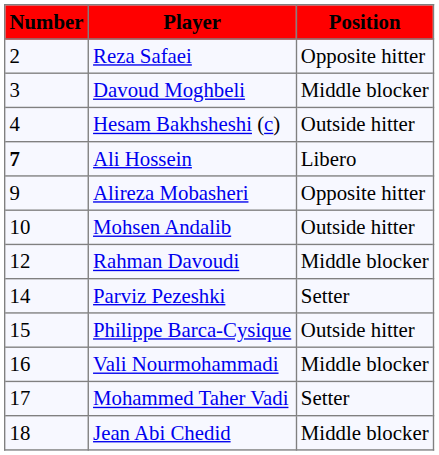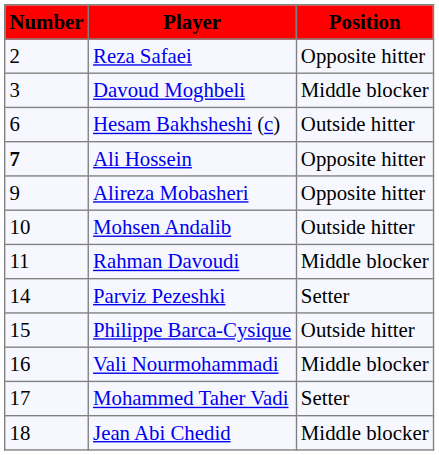 <table bgcolor="#f7f8ff" cellpadding="3" cellspacing="0" border="1" style="font-size: 95%; border: gray solid 1px; border-collapse: collapse;">
 <tr bgcolor="#ff0000">
 <td align=center><strong>Number</strong></td>
 <td align=center><strong>Player</strong></td>
 <td align=center><strong>Position</strong></td>
 </tr>
 <tr align="left">
 <td>2</td>
 <td> <a href='#'>Reza Safaei</a></td>
 <td>Opposite hitter</td>
 </tr>
 <tr align=left>
 <td>3</td>
 <td> <a href='#'>Davoud Moghbeli</a></td>
 <td>Middle blocker</td>
 </tr>
 <tr align="left">
-<td>4</td>
+<td>6</td>
 <td> <a href='#'>Hesam Bakhsheshi</a> (<a href='#'>c</a>)</td>
 <td>Outside hitter</td>
 </tr>
 <tr align="left">
 <td><strong>7</strong></td>
 <td> <a href='#'>Ali Hossein</a></td>
-<td>Libero</td>
+<td>Opposite hitter</td>
 </tr>
 <tr align="left">
 <td>9</td>
 <td> <a href='#'>Alireza Mobasheri</a></td>
 <td>Opposite hitter</td>
 </tr>
 <tr align="left">
 <td>10</td>
 <td> <a href='#'>Mohsen Andalib</a></td>
 <td>Outside hitter</td>
 </tr>
 <tr align="left">
-<td>12</td>
+<td>11</td>
 <td> <a href='#'>Rahman Davoudi</a></td>
 <td>Middle blocker</td>
 </tr>
 <tr align="left">
 <td>14</td>
 <td> <a href='#'>Parviz Pezeshki</a></td>
 <td>Setter</td>
 </tr>
 <tr align="left">
 <td>15</td>
 <td> <a href='#'>Philippe Barca-Cysique</a></td>
 <td>Outside hitter</td>
 </tr>
 <tr align="left">
 <td>16</td>
 <td> <a href='#'>Vali Nourmohammadi</a></td>
 <td>Middle blocker</td>
 </tr>
 <tr align="left">
 <td>17</td>
 <td> <a href='#'>Mohammed Taher Vadi</a></td>
 <td>Setter</td>
 </tr>
 <tr align="left">
 <td>18</td>
 <td> <a href='#'>Jean Abi Chedid</a></td>
 <td>Middle blocker</td>
 </tr>
 </table>
